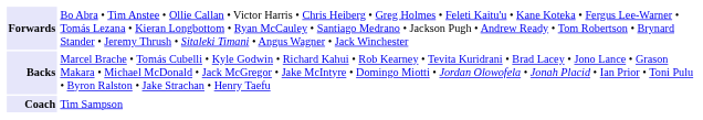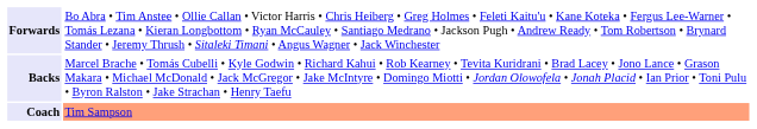 <table cellpadding="2" style="border: 1px solid white; font-size:90%;">
 <tr>
 <td style="text-align:right;" bgcolor="lavender"><strong>Forwards</strong></td>
 <td style="text-align:left;"><a href='#'>Bo Abra</a> • <a href='#'>Tim Anstee</a> • <a href='#'>Ollie Callan</a> • Victor Harris • <a href='#'>Chris Heiberg</a> • <a href='#'>Greg Holmes</a> • <a href='#'>Feleti Kaitu'u</a> • <a href='#'>Kane Koteka</a> • <a href='#'>Fergus Lee-Warner</a> • <a href='#'>Tomás Lezana</a> • <a href='#'>Kieran Longbottom</a> • <a href='#'>Ryan McCauley</a> • <a href='#'>Santiago Medrano</a> • Jackson Pugh • <a href='#'>Andrew Ready</a> • <a href='#'>Tom Robertson</a> • <a href='#'>Brynard Stander</a> • <a href='#'>Jeremy Thrush</a> • <em><a href='#'>Sitaleki Timani</a></em> • <a href='#'>Angus Wagner</a> • <a href='#'>Jack Winchester</a></td>
 </tr>
 <tr>
 <td style="text-align:right;" bgcolor="lavender"><strong>Backs</strong></td>
 <td style="text-align:left;"><a href='#'>Marcel Brache</a> • <a href='#'>Tomás Cubelli</a> • <a href='#'>Kyle Godwin</a> • <a href='#'>Richard Kahui</a> • <a href='#'>Rob Kearney</a> • <a href='#'>Tevita Kuridrani</a> • <a href='#'>Brad Lacey</a> • <a href='#'>Jono Lance</a> • <a href='#'>Grason Makara</a> • <a href='#'>Michael McDonald</a> • <a href='#'>Jack McGregor</a> • <a href='#'>Jake McIntyre</a> • <a href='#'>Domingo Miotti</a> • <em><a href='#'>Jordan Olowofela</a></em> • <em><a href='#'>Jonah Placid</a></em> • <a href='#'>Ian Prior</a> • <a href='#'>Toni Pulu</a> • <a href='#'>Byron Ralston</a> • <a href='#'>Jake Strachan</a> • <a href='#'>Henry Taefu</a></td>
 </tr>
 <tr>
 <td style="text-align:right;" bgcolor="lavender"><strong>Coach</strong></td>
-<td style="text-align:left;"><a href='#'>Tim Sampson</a></td>
+<td style="background: lightsalmon; text-align:left;"><a href='#'>Tim Sampson</a></td>
 </tr>
 </table>
